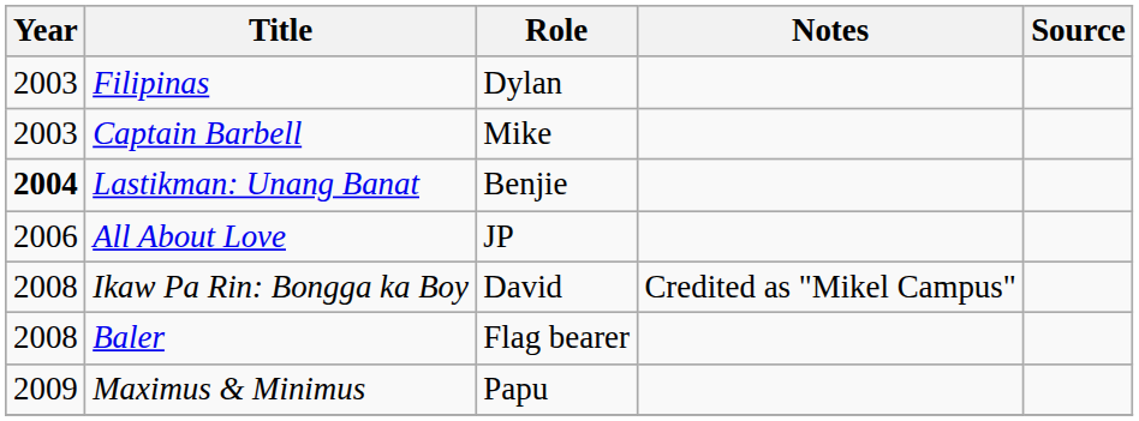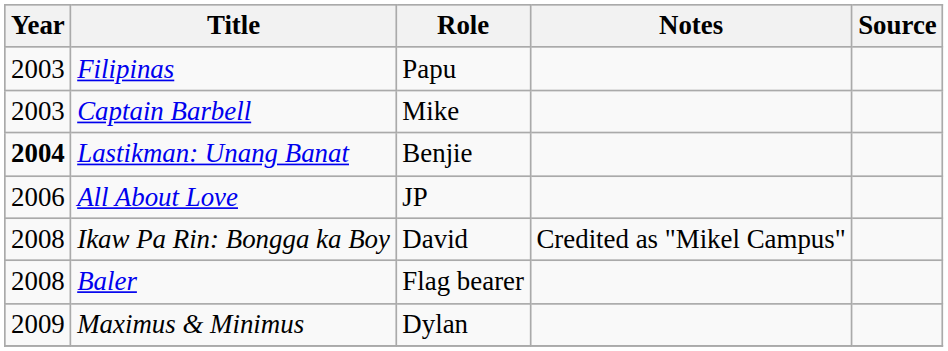 <table class="wikitable sortable" >
 <tr>
 <th>Year</th>
 <th>Title</th>
 <th>Role</th>
 <th class="unsortable">Notes </th>
 <th class="unsortable">Source </th>
 </tr>
 <tr>
 <td>2003</td>
 <td><em><a href='#'>Filipinas</a></em></td>
-<td>Dylan</td>
+<td>Papu</td>
 <td></td>
 <td></td>
 </tr>
 <tr>
 <td>2003</td>
 <td><em><a href='#'>Captain Barbell</a></em></td>
 <td>Mike</td>
 <td></td>
 <td></td>
 </tr>
 <tr>
 <td><strong>2004</strong></td>
 <td><em><a href='#'>Lastikman: Unang Banat</a></em></td>
 <td>Benjie</td>
 <td></td>
 <td></td>
 </tr>
 <tr>
 <td>2006</td>
 <td><em><a href='#'>All About Love</a></em></td>
 <td>JP</td>
 <td></td>
 <td></td>
 </tr>
 <tr>
 <td>2008</td>
 <td><em>Ikaw Pa Rin: Bongga ka Boy</em></td>
 <td>David</td>
 <td>Credited as "Mikel Campus"</td>
 <td></td>
 </tr>
 <tr>
 <td>2008</td>
 <td><em><a href='#'>Baler</a></em></td>
 <td>Flag bearer</td>
 <td></td>
 <td></td>
 </tr>
 <tr>
 <td>2009</td>
 <td><em>Maximus & Minimus</em></td>
-<td>Papu</td>
+<td>Dylan</td>
 <td></td>
 <td></td>
 </tr>
 <tr>
 </tr>
 </table>
